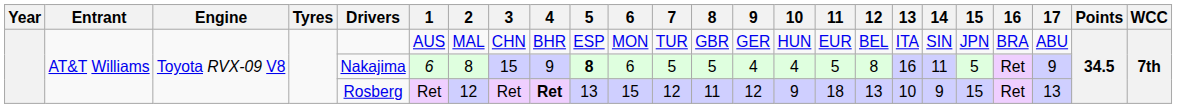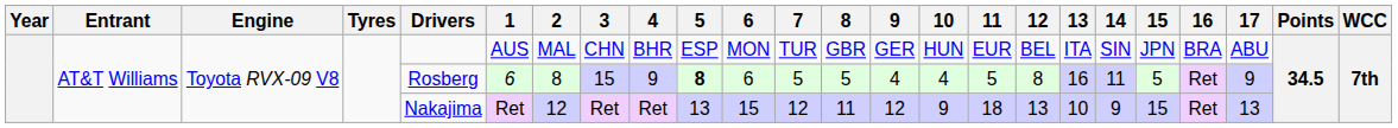 <table class="wikitable" style="text-align:center; font-size:95%">
 <tr>
 <th>Year</th>
 <th>Entrant</th>
 <th>Engine</th>
 <th>Tyres</th>
 <th>Drivers</th>
 <th>1</th>
 <th>2</th>
 <th>3</th>
 <th>4</th>
 <th>5</th>
 <th>6</th>
 <th>7</th>
 <th>8</th>
 <th>9</th>
 <th>10</th>
 <th>11</th>
 <th>12</th>
 <th>13</th>
 <th>14</th>
 <th>15</th>
 <th>16</th>
 <th>17</th>
 <th>Points</th>
 <th>WCC</th>
 </tr>
 <tr>
 <th rowspan="3"></th>
 <td rowspan="3"><a href='#'>AT&T</a> <a href='#'>Williams</a></td>
 <td rowspan="3"><a href='#'>Toyota</a> <em>RVX-09</em> <a href='#'>V8</a></td>
 <td rowspan="3"></td>
 <td></td>
 <td><a href='#'>AUS</a></td>
 <td><a href='#'>MAL</a></td>
 <td><a href='#'>CHN</a></td>
 <td><a href='#'>BHR</a></td>
 <td><a href='#'>ESP</a></td>
 <td><a href='#'>MON</a></td>
 <td><a href='#'>TUR</a></td>
 <td><a href='#'>GBR</a></td>
 <td><a href='#'>GER</a></td>
 <td><a href='#'>HUN</a></td>
 <td><a href='#'>EUR</a></td>
 <td><a href='#'>BEL</a></td>
 <td><a href='#'>ITA</a></td>
 <td><a href='#'>SIN</a></td>
 <td><a href='#'>JPN</a></td>
 <td><a href='#'>BRA</a></td>
 <td><a href='#'>ABU</a></td>
 <th rowspan=3>34.5</th>
 <th rowspan=3>7th</th>
 </tr>
 <tr>
-<td><a href='#'>Nakajima</a></td>
+<td><a href='#'>Rosberg</a></td>
 <td style="background:#DFFFDF;"><em>6</em></td>
 <td style="background:#DFFFDF;">8</td>
 <td style="background:#CFCFFF;">15</td>
 <td style="background:#CFCFFF;">9</td>
 <td style="background:#DFFFDF;"><strong>8</strong></td>
 <td style="background:#DFFFDF;">6</td>
 <td style="background:#DFFFDF;">5</td>
 <td style="background:#DFFFDF;">5</td>
 <td style="background:#DFFFDF;">4</td>
 <td style="background:#DFFFDF;">4</td>
 <td style="background:#DFFFDF;">5</td>
 <td style="background:#DFFFDF;">8</td>
 <td style="background:#CFCFFF;">16</td>
 <td style="background:#CFCFFF;">11</td>
 <td style="background:#DFFFDF;">5</td>
 <td style="background:#EFCFFF;">Ret</td>
 <td style="background:#CFCFFF;">9</td>
 </tr>
 <tr>
-<td><a href='#'>Rosberg</a></td>
+<td><a href='#'>Nakajima</a></td>
 <td style="background:#EFCFFF;">Ret</td>
 <td style="background:#CFCFFF;">12</td>
 <td style="background:#EFCFFF;">Ret</td>
-<td style="background:#EFCFFF;"><strong>Ret</strong></td>
+<td style="background:#EFCFFF;">Ret</td>
 <td style="background:#CFCFFF;">13</td>
 <td style="background:#CFCFFF;">15</td>
 <td style="background:#CFCFFF;">12</td>
 <td style="background:#CFCFFF;">11</td>
 <td style="background:#CFCFFF;">12</td>
 <td style="background:#CFCFFF;">9</td>
 <td style="background:#CFCFFF;">18</td>
 <td style="background:#CFCFFF;">13</td>
 <td style="background:#CFCFFF;">10</td>
 <td style="background:#CFCFFF;">9</td>
 <td style="background:#CFCFFF;">15</td>
 <td style="background:#EFCFFF;">Ret</td>
 <td style="background:#CFCFFF;">13</td>
 </tr>
 </table>
